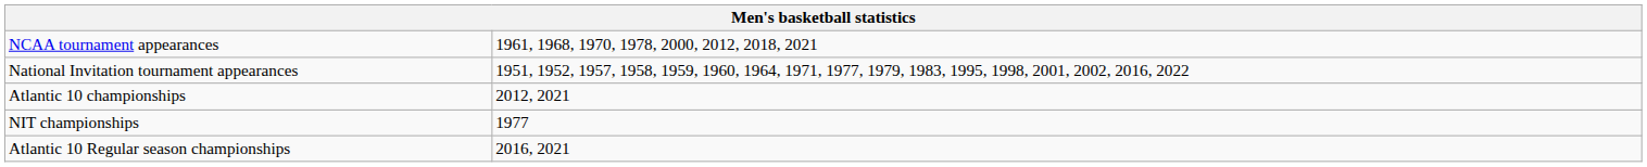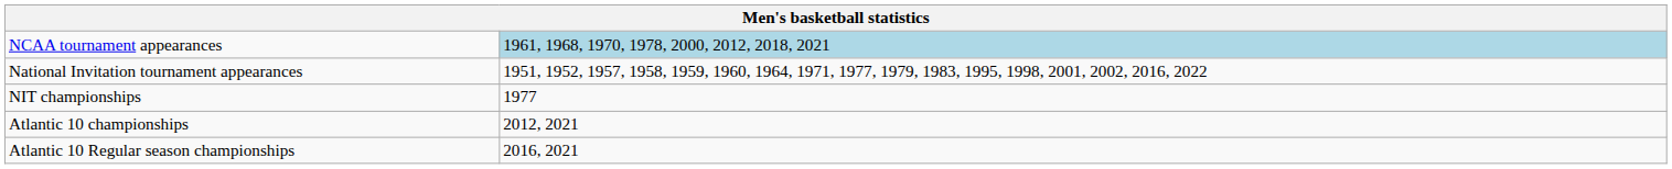 <table class="wikitable"; style= "text-align: ; width:80%">
 <tr>
 <th colspan=2>Men's basketball statistics</th>
 </tr>
 <tr>
 <td><a href='#'>NCAA tournament</a> appearances</td>
-<td>1961, 1968, 1970, 1978, 2000, 2012, 2018, 2021</td>
+<td style="background: lightblue;">1961, 1968, 1970, 1978, 2000, 2012, 2018, 2021</td>
 </tr>
 <tr>
 <td>National Invitation tournament appearances</td>
 <td>1951, 1952, 1957, 1958, 1959, 1960, 1964, 1971, 1977, 1979, 1983, 1995, 1998, 2001, 2002, 2016, 2022</td>
 </tr>
 <tr>
+<td>NIT championships</td>
+<td>1977</td>
+</tr>
+<tr>
 <td>Atlantic 10 championships</td>
 <td>2012, 2021</td>
-</tr>
-<tr>
-<td>NIT championships</td>
-<td>1977</td>
 </tr>
 <tr>
 <td>Atlantic 10 Regular season championships</td>
 <td>2016, 2021</td>
 </tr>
 </table>
